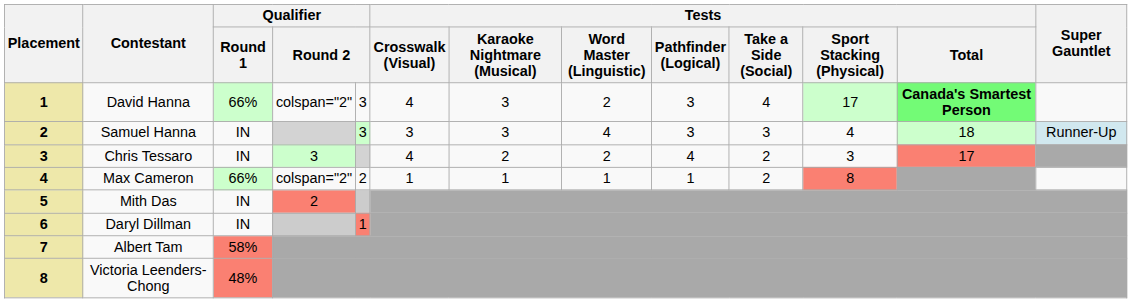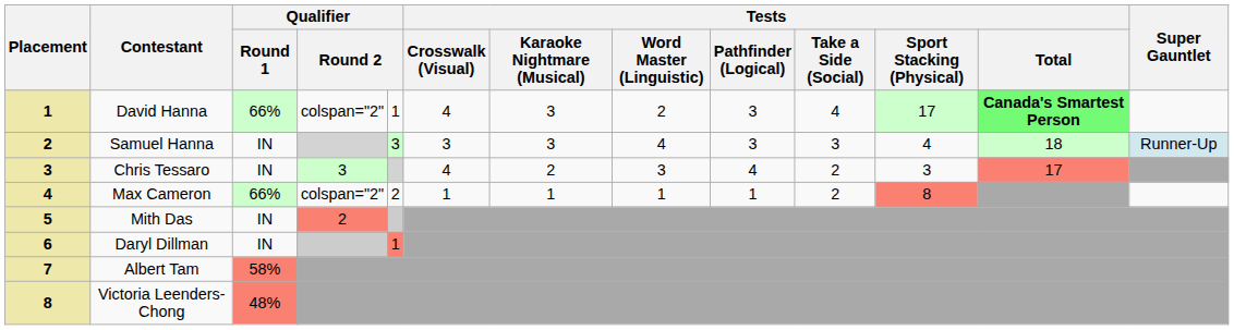 <table class="wikitable" style="text-align:center;">
 <tr>
 <th rowspan="2">Placement</th>
 <th rowspan="2">Contestant</th>
 <th colspan="3">Qualifier</th>
 <th colspan="7">Tests</th>
 <th rowspan="2">Super Gauntlet</th>
 </tr>
 <tr>
 <th>Round 1</th>
 <th colspan="2">Round 2</th>
 <th>Crosswalk<br>(Visual)</th>
 <th>Karaoke Nightmare<br>(Musical)</th>
 <th>Word Master<br>(Linguistic)</th>
 <th>Pathfinder<br>(Logical)</th>
 <th>Take a Side<br>(Social)</th>
 <th>Sport Stacking<br>(Physical)</th>
 <th>Total</th>
 </tr>
 <tr>
 <td align="center" bgcolor="palegoldenrod"><strong>1</strong></td>
 <td>David Hanna</td>
 <td bgcolor="#cfc">66%</td>
 <td>colspan="2" </td>
-<td>3</td>
+<td>1</td>
 <td>4</td>
 <td>3</td>
 <td>2</td>
 <td>3</td>
 <td>4</td>
 <td bgcolor="#cfc">17</td>
 <td align="center" bgcolor="#73FB76"><strong>Canada's Smartest Person</strong></td>
 </tr>
 <tr>
 <td align="center" bgcolor="palegoldenrod"><strong>2</strong></td>
 <td>Samuel Hanna</td>
 <td>IN</td>
 <td bgcolor="lightgrey"></td>
 <td bgcolor="#cfc">3</td>
 <td>3</td>
 <td>3</td>
 <td>4</td>
 <td>3</td>
 <td>3</td>
 <td>4</td>
 <td bgcolor="#cfc">18</td>
 <td bgcolor="#D1E8EF">Runner-Up</td>
 </tr>
 <tr>
 <td align="center" bgcolor="palegoldenrod"><strong>3</strong></td>
 <td>Chris Tessaro</td>
 <td>IN</td>
 <td bgcolor="#cfc">3</td>
 <td bgcolor="lightgrey"></td>
 <td>4</td>
 <td>2</td>
-<td>2</td>
+<td>3</td>
 <td>4</td>
 <td>2</td>
 <td>3</td>
 <td bgcolor="salmon">17</td>
 <td bgcolor=darkgrey></td>
 </tr>
 <tr>
 <td align="center" bgcolor="palegoldenrod"><strong>4</strong></td>
 <td>Max Cameron</td>
 <td bgcolor="#cfc">66%</td>
 <td>colspan="2" </td>
 <td>2</td>
 <td>1</td>
 <td>1</td>
 <td>1</td>
 <td>1</td>
 <td>2</td>
 <td align="center" bgcolor="salmon">8</td>
 <td bgcolor=darkgrey></td>
 </tr>
 <tr>
 <td bgcolor="palegoldenrod"><strong>5</strong></td>
 <td>Mith Das</td>
 <td align="center">IN</td>
 <td bgcolor="salmon">2</td>
 <td bgcolor="#ccc"></td>
 <td colspan="8" bgcolor=darkgrey></td>
 </tr>
 <tr>
 <td bgcolor="palegoldenrod"><strong>6</strong></td>
 <td>Daryl Dillman</td>
 <td align="center">IN</td>
 <td bgcolor="#ccc"></td>
 <td bgcolor="salmon">1</td>
 <td colspan="8" bgcolor=darkgrey></td>
 </tr>
 <tr>
 <td align="center" bgcolor="palegoldenrod"><strong>7</strong></td>
 <td>Albert Tam</td>
 <td align="center" bgcolor="salmon">58%</td>
 <td colspan="10" bgcolor=darkgrey></td>
 </tr>
 <tr>
 <td align="center" bgcolor="palegoldenrod"><strong>8</strong></td>
 <td>Victoria Leenders-Chong</td>
 <td align="center" bgcolor="salmon">48%</td>
 <td colspan="10" bgcolor=darkgrey></td>
 </tr>
 </table>
